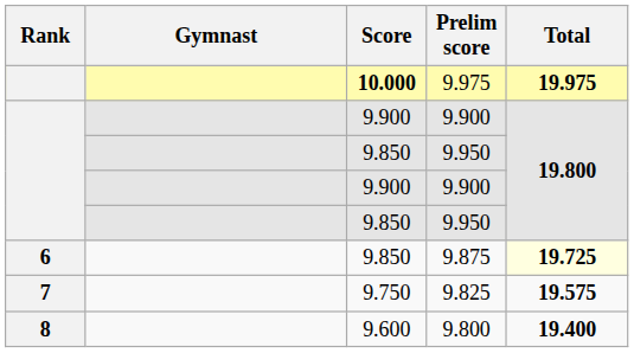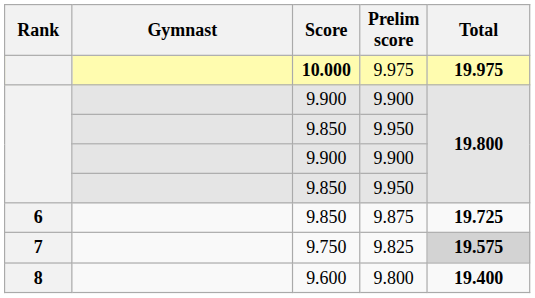 <table class="wikitable sortable" style="text-align:center; font-size:95%">
 <tr>
 <th scope="col" style="width:50px;">Rank</th>
 <th scope="col" style="width:180px;">Gymnast</th>
 <th scope="col" style="width:50px;">Score</th>
 <th scope="col" style="width:50px;">Prelim score</th>
 <th scope="col" style="width:80px;">Total</th>
 </tr>
 <tr style="background:#fffcaf;">
 <th scope=row style="text-align:center"></th>
 <td style="text-align:left;"></td>
 <td><strong>10.000</strong></td>
 <td>9.975</td>
 <td><strong>19.975</strong></td>
 </tr>
 <tr style="background:#e5e5e5;">
 <th rowspan="4" scope="row" style="text-align:center"></th>
 <td style="text-align:left;"></td>
 <td>9.900</td>
 <td>9.900</td>
 <td rowspan="4"><strong>19.800</strong></td>
 </tr>
 <tr style="background:#e5e5e5;">
 <td style="text-align:left;"></td>
 <td>9.850</td>
 <td>9.950</td>
 </tr>
 <tr style="background:#e5e5e5;">
 <td style="text-align:left;"></td>
 <td>9.900</td>
 <td>9.900</td>
 </tr>
 <tr style="background:#e5e5e5;">
 <td style="text-align:left;"></td>
 <td>9.850</td>
 <td>9.950</td>
 </tr>
 <tr>
 <th>6</th>
 <td align=left></td>
 <td>9.850</td>
 <td>9.875</td>
-<td style="background: lightyellow;"><strong>19.725</strong></td>
+<td><strong>19.725</strong></td>
 </tr>
 <tr>
 <th>7</th>
 <td align=left></td>
 <td>9.750</td>
 <td>9.825</td>
-<td><strong>19.575</strong></td>
+<td style="background: lightgrey;"><strong>19.575</strong></td>
 </tr>
 <tr>
 <th>8</th>
 <td align=left></td>
 <td>9.600</td>
 <td>9.800</td>
 <td><strong>19.400</strong></td>
 </tr>
 </table>
